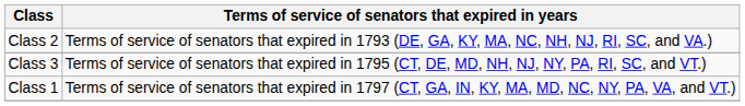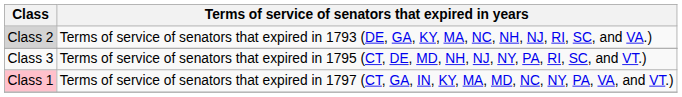 <table class="wikitable sortable">
 <tr valign=bottom>
 <th>Class</th>
 <th>Terms of service of senators that expired in years</th>
 </tr>
 <tr>
-<td>Class 2</td>
+<td style="background: lightgrey;">Class 2</td>
 <td>Terms of service of senators that expired in 1793 (<a href='#'>DE</a>, <a href='#'>GA</a>, <a href='#'>KY</a>, <a href='#'>MA</a>, <a href='#'>NC</a>, <a href='#'>NH</a>, <a href='#'>NJ</a>, <a href='#'>RI</a>, <a href='#'>SC</a>, and <a href='#'>VA</a>.)</td>
 </tr>
 <tr>
 </tr>
 <tr>
 <td>Class 3</td>
 <td>Terms of service of senators that expired in 1795 (<a href='#'>CT</a>, <a href='#'>DE</a>, <a href='#'>MD</a>, <a href='#'>NH</a>, <a href='#'>NJ</a>, <a href='#'>NY</a>, <a href='#'>PA</a>, <a href='#'>RI</a>, <a href='#'>SC</a>, and <a href='#'>VT</a>.)</td>
 </tr>
 <tr>
-<td>Class 1</td>
+<td style="background: pink;">Class 1</td>
 <td>Terms of service of senators that expired in 1797 (<a href='#'>CT</a>, <a href='#'>GA</a>, <a href='#'>IN</a>, <a href='#'>KY</a>, <a href='#'>MA</a>, <a href='#'>MD</a>, <a href='#'>NC</a>, <a href='#'>NY</a>, <a href='#'>PA</a>, <a href='#'>VA</a>, and <a href='#'>VT</a>.)</td>
 </tr>
 <tr>
 </tr>
 </table>
